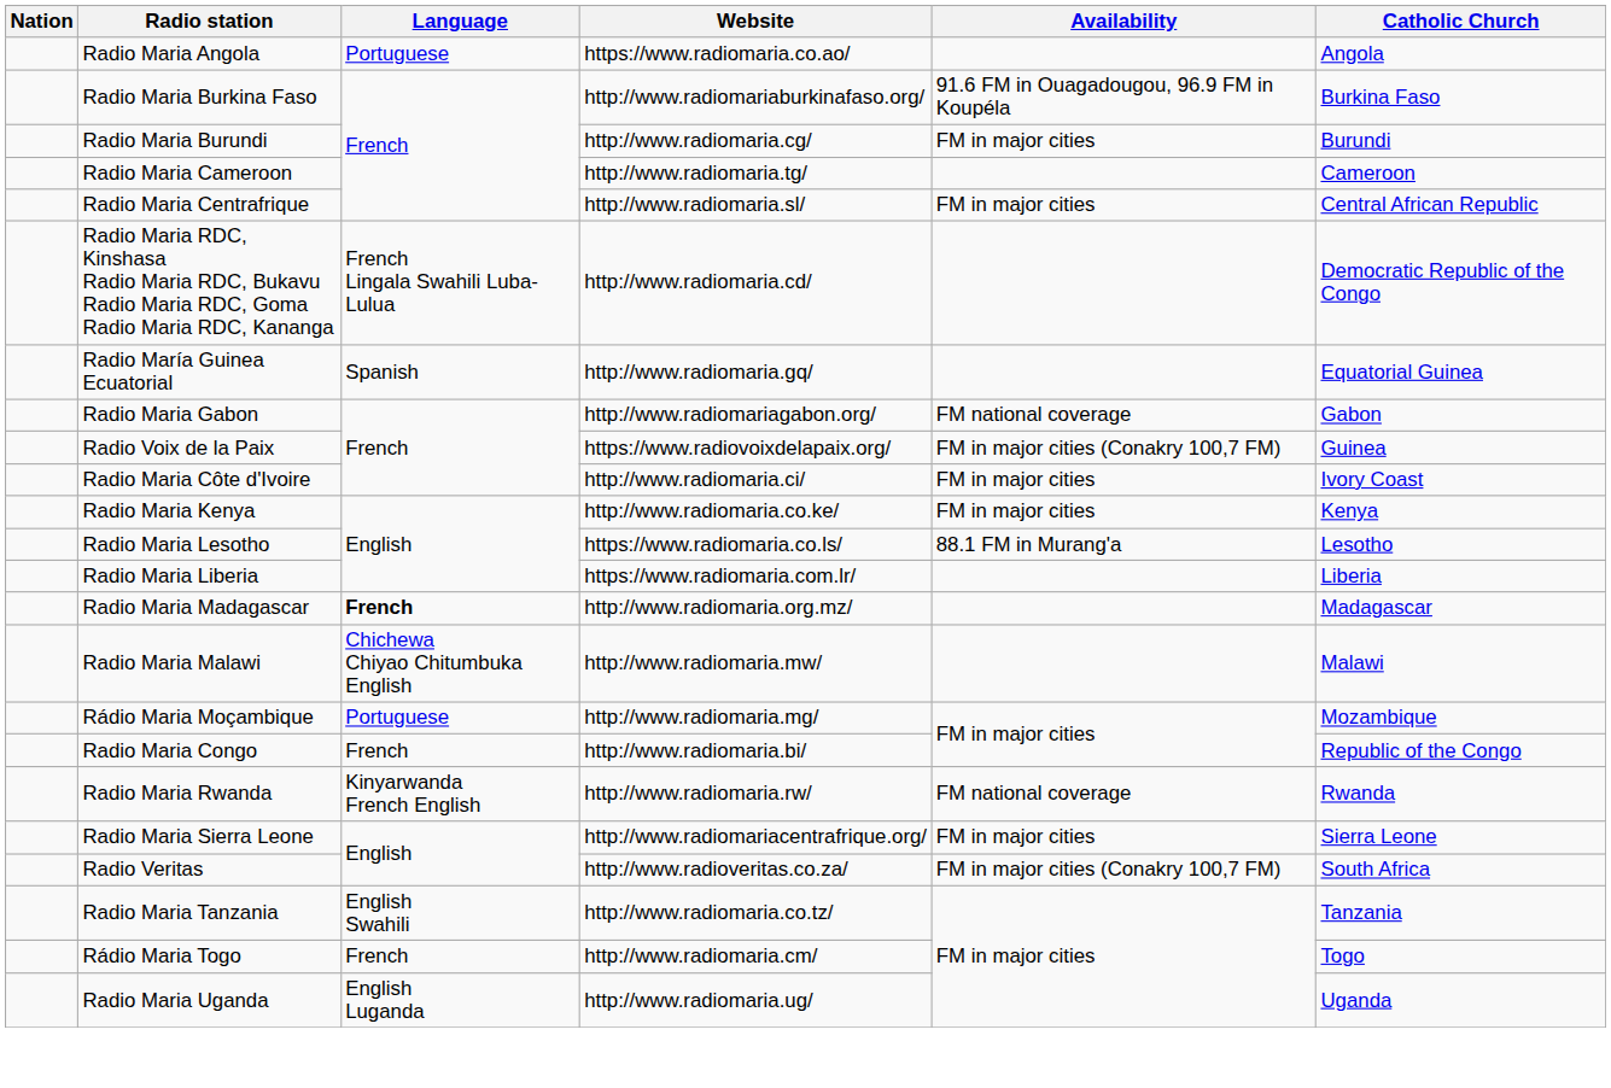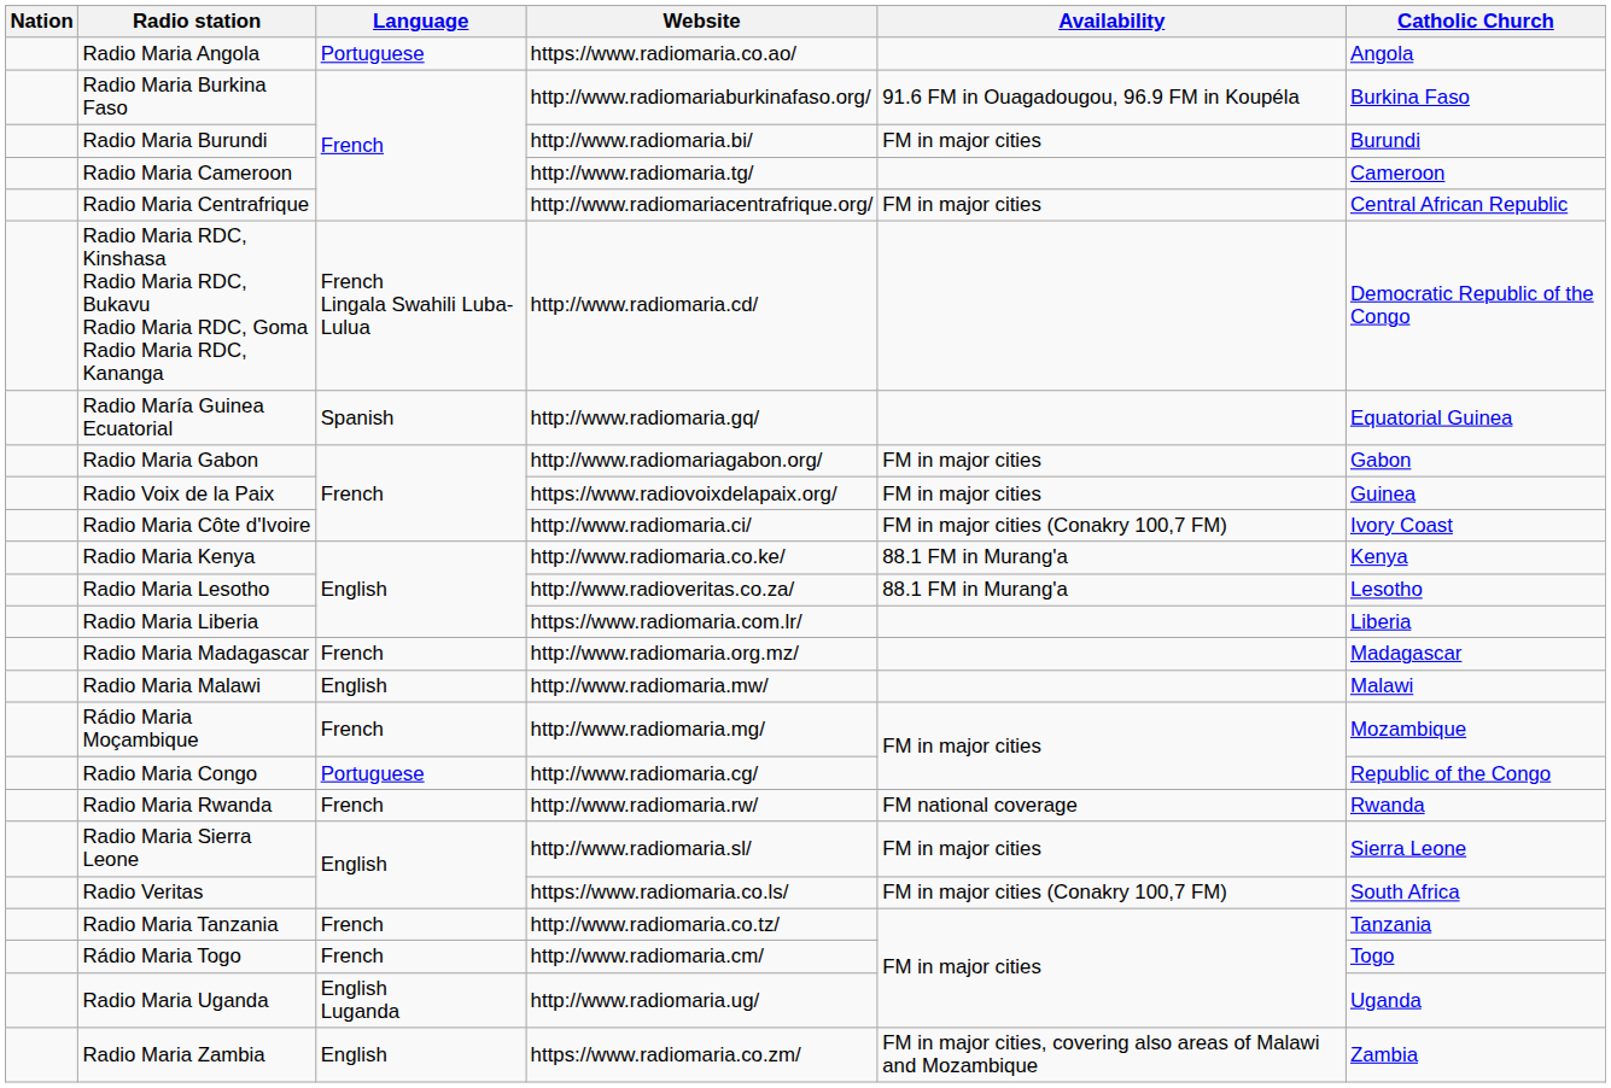 <table class="wikitable sortable" style="width:100%;">
 <tr>
 <th>Nation</th>
 <th>Radio station</th>
 <th><a href='#'>Language</a></th>
 <th>Website</th>
 <th><a href='#'>Availability</a></th>
 <th><a href='#'>Catholic Church</a></th>
 </tr>
 <tr>
 <td></td>
 <td>Radio Maria Angola</td>
 <td><a href='#'>Portuguese</a></td>
 <td>https://www.radiomaria.co.ao/</td>
 <td></td>
 <td><a href='#'>Angola</a></td>
 </tr>
 <tr>
 <td></td>
 <td>Radio Maria Burkina Faso</td>
 <td rowspan="4"><a href='#'>French</a></td>
 <td>http://www.radiomariaburkinafaso.org/</td>
 <td>91.6 FM in Ouagadougou, 96.9 FM in Koupéla</td>
 <td><a href='#'>Burkina Faso</a></td>
 </tr>
 <tr>
 <td></td>
 <td>Radio Maria Burundi</td>
-<td>http://www.radiomaria.cg/</td>
+<td>http://www.radiomaria.bi/</td>
 <td>FM in major cities</td>
 <td><a href='#'>Burundi</a></td>
 </tr>
 <tr>
 <td></td>
 <td>Radio Maria Cameroon</td>
 <td>http://www.radiomaria.tg/</td>
 <td></td>
 <td><a href='#'>Cameroon</a></td>
 </tr>
 <tr>
 <td></td>
 <td>Radio Maria Centrafrique</td>
-<td>http://www.radiomaria.sl/</td>
+<td>http://www.radiomariacentrafrique.org/</td>
 <td>FM in major cities</td>
 <td><a href='#'>Central African Republic</a></td>
 </tr>
 <tr>
 <td></td>
 <td>Radio Maria RDC, Kinshasa <br>Radio Maria RDC, Bukavu <br>Radio Maria RDC, Goma <br>Radio Maria RDC, Kananga <br></td>
 <td>French<br>Lingala Swahili Luba-Lulua</td>
 <td>http://www.radiomaria.cd/</td>
 <td></td>
 <td><a href='#'>Democratic Republic of the Congo</a></td>
 </tr>
 <tr>
 <td></td>
 <td>Radio María Guinea Ecuatorial</td>
 <td>Spanish</td>
 <td>http://www.radiomaria.gq/</td>
 <td></td>
 <td><a href='#'>Equatorial Guinea</a></td>
 </tr>
 <tr>
 <td></td>
 <td>Radio Maria Gabon</td>
 <td rowspan="3">French</td>
 <td>http://www.radiomariagabon.org/</td>
-<td>FM national coverage</td>
+<td>FM in major cities</td>
 <td><a href='#'>Gabon</a></td>
 </tr>
 <tr>
 <td></td>
 <td>Radio Voix de la Paix</td>
 <td>https://www.radiovoixdelapaix.org/</td>
-<td>FM in major cities (Conakry 100,7 FM)</td>
+<td>FM in major cities</td>
 <td><a href='#'>Guinea</a></td>
 </tr>
 <tr>
 <td></td>
 <td>Radio Maria Côte d'Ivoire</td>
 <td>http://www.radiomaria.ci/</td>
-<td>FM in major cities</td>
+<td>FM in major cities (Conakry 100,7 FM)</td>
 <td><a href='#'>Ivory Coast</a></td>
 </tr>
 <tr>
 <td></td>
 <td>Radio Maria Kenya</td>
 <td rowspan="3">English</td>
 <td>http://www.radiomaria.co.ke/</td>
-<td>FM in major cities</td>
+<td>88.1 FM in Murang'a</td>
 <td><a href='#'>Kenya</a></td>
 </tr>
 <tr>
 <td></td>
 <td>Radio Maria Lesotho</td>
-<td>https://www.radiomaria.co.ls/</td>
+<td>http://www.radioveritas.co.za/</td>
 <td>88.1 FM in Murang'a</td>
 <td><a href='#'>Lesotho</a></td>
 </tr>
 <tr>
 <td></td>
 <td>Radio Maria Liberia</td>
 <td>https://www.radiomaria.com.lr/</td>
 <td></td>
 <td><a href='#'>Liberia</a></td>
 </tr>
 <tr>
 <td></td>
 <td>Radio Maria Madagascar</td>
-<td><strong>French</strong></td>
+<td>French</td>
 <td>http://www.radiomaria.org.mz/</td>
 <td></td>
 <td><a href='#'>Madagascar</a></td>
 </tr>
 <tr>
 <td></td>
 <td>Radio Maria Malawi</td>
-<td><a href='#'>Chichewa</a><br>Chiyao Chitumbuka English</td>
+<td>English</td>
 <td>http://www.radiomaria.mw/</td>
 <td></td>
 <td><a href='#'>Malawi</a></td>
 </tr>
 <tr>
 <td></td>
 <td>Rádio Maria Moçambique</td>
-<td><a href='#'>Portuguese</a></td>
+<td>French</td>
 <td>http://www.radiomaria.mg/</td>
 <td rowspan="2">FM in major cities</td>
 <td><a href='#'>Mozambique</a></td>
 </tr>
 <tr>
 <td></td>
 <td>Radio Maria Congo</td>
-<td>French</td>
-<td>http://www.radiomaria.bi/</td>
+<td><a href='#'>Portuguese</a></td>
+<td>http://www.radiomaria.cg/</td>
 <td><a href='#'>Republic of the Congo</a></td>
 </tr>
 <tr>
 <td></td>
 <td>Radio Maria Rwanda</td>
-<td>Kinyarwanda<br>French English</td>
+<td>French</td>
 <td>http://www.radiomaria.rw/</td>
 <td>FM national coverage</td>
 <td><a href='#'>Rwanda</a></td>
 </tr>
 <tr>
 <td></td>
 <td>Radio Maria Sierra Leone</td>
 <td rowspan="2">English</td>
-<td>http://www.radiomariacentrafrique.org/</td>
+<td>http://www.radiomaria.sl/</td>
 <td>FM in major cities</td>
 <td><a href='#'>Sierra Leone</a></td>
 </tr>
 <tr>
 <td></td>
 <td>Radio Veritas</td>
-<td>http://www.radioveritas.co.za/</td>
+<td>https://www.radiomaria.co.ls/</td>
 <td>FM in major cities (Conakry 100,7 FM)</td>
 <td><a href='#'>South Africa</a></td>
 </tr>
 <tr>
 <td></td>
 <td>Radio Maria Tanzania</td>
-<td>English<br>Swahili</td>
+<td>French</td>
 <td>http://www.radiomaria.co.tz/</td>
 <td rowspan="3">FM in major cities</td>
 <td><a href='#'>Tanzania</a></td>
 </tr>
 <tr>
 <td></td>
 <td>Rádio Maria Togo</td>
 <td>French</td>
 <td>http://www.radiomaria.cm/</td>
 <td><a href='#'>Togo</a></td>
 </tr>
 <tr>
 <td></td>
 <td>Radio Maria Uganda</td>
 <td>English<br>Luganda</td>
 <td>http://www.radiomaria.ug/</td>
 <td><a href='#'>Uganda</a></td>
 </tr>
+<tr>
+<td></td>
+<td>Radio Maria Zambia</td>
+<td>English</td>
+<td>https://www.radiomaria.co.zm/</td>
+<td>FM in major cities, covering also areas of Malawi and Mozambique</td>
+<td><a href='#'>Zambia</a></td>
+</tr>
 </table>
